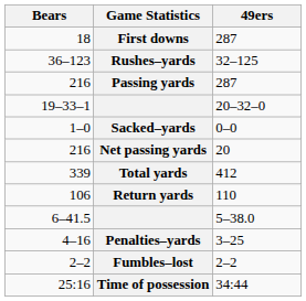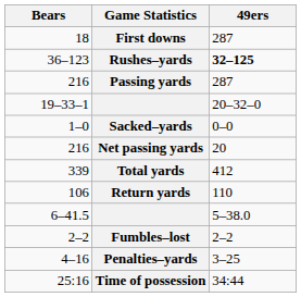 <table class="wikitable" style="margin: 1em auto 1em auto">
 <tr>
 <th style="width:30%;">Bears</th>
 <th style="width:40%;">Game Statistics</th>
 <th style="width:30%;">49ers</th>
 </tr>
 <tr>
 <td style="text-align:right;">18</td>
 <th>First downs</th>
 <td>287</td>
 </tr>
 <tr>
 <td style="text-align:right;">36–123</td>
 <th>Rushes–yards</th>
-<td>32–125</td>
+<td><strong>32–125</strong></td>
 </tr>
 <tr>
 <td style="text-align:right;">216</td>
 <th>Passing yards</th>
 <td>287</td>
 </tr>
 <tr>
 <td style="text-align:right;">19–33–1</td>
 <th></th>
 <td>20–32–0</td>
 </tr>
 <tr>
 <td style="text-align:right;">1–0</td>
 <th>Sacked–yards</th>
 <td>0–0</td>
 </tr>
 <tr>
 <td style="text-align:right;">216</td>
 <th>Net passing yards</th>
 <td>20</td>
 </tr>
 <tr>
 <td style="text-align:right;">339</td>
 <th>Total yards</th>
 <td>412</td>
 </tr>
 <tr>
 <td style="text-align:right;">106</td>
 <th>Return yards</th>
 <td>110</td>
 </tr>
 <tr>
 <td style="text-align:right;">6–41.5</td>
 <th></th>
 <td>5–38.0</td>
 </tr>
 <tr>
+<td style="text-align:right;">2–2</td>
+<th>Fumbles–lost</th>
+<td>2–2</td>
+</tr>
+<tr>
 <td style="text-align:right;">4–16</td>
 <th>Penalties–yards</th>
 <td>3–25</td>
-</tr>
-<tr>
-<td style="text-align:right;">2–2</td>
-<th>Fumbles–lost</th>
-<td>2–2</td>
 </tr>
 <tr>
 <td style="text-align:right;">25:16</td>
 <th>Time of possession</th>
 <td>34:44</td>
 </tr>
 </table>
